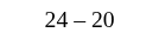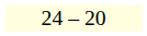 <table style="text-align:center">
 <tr>
 <th width=200></th>
 <th width=100></th>
 <th width=200></th>
 </tr>
 <tr>
 <td align=right><strong></strong></td>
-<td>24 – 20</td>
+<td style="background: lightyellow;">24 – 20</td>
 <td align=left></td>
 </tr>
 </table>
